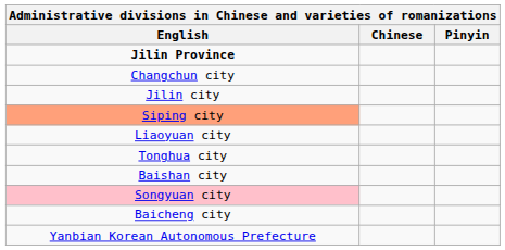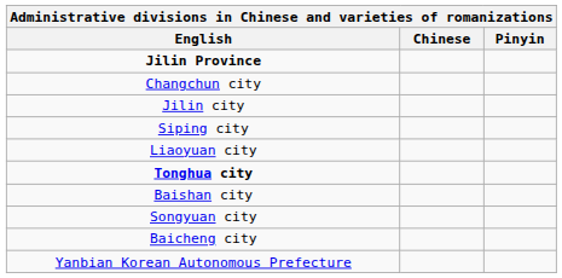 <table class="wikitable sortable collapsible collapsed" style="text-font:90%; width:auto; text-align:center; margin-left: auto; margin-right: auto;">
 <tr>
 <th colspan="5">Administrative divisions in Chinese and varieties of romanizations</th>
 </tr>
 <tr>
 <th>English</th>
 <th>Chinese</th>
 <th>Pinyin</th>
 </tr>
 <tr>
 <td><strong>Jilin Province</strong></td>
 <td></td>
 <td></td>
 </tr>
 <tr>
 <td><a href='#'>Changchun</a> city</td>
 <td></td>
 <td></td>
 </tr>
 <tr>
 <td><a href='#'>Jilin</a> city</td>
 <td></td>
 <td></td>
 </tr>
 <tr>
-<td style="background: lightsalmon;"><a href='#'>Siping</a> city</td>
+<td><a href='#'>Siping</a> city</td>
 <td></td>
 <td></td>
 </tr>
 <tr>
 <td><a href='#'>Liaoyuan</a> city</td>
 <td></td>
 <td></td>
 </tr>
 <tr>
-<td><a href='#'>Tonghua</a> city</td>
+<td><strong><a href='#'>Tonghua</a> city</strong></td>
 <td></td>
 <td></td>
 </tr>
 <tr>
 <td><a href='#'>Baishan</a> city</td>
 <td></td>
 <td></td>
 </tr>
 <tr>
-<td style="background: pink;"><a href='#'>Songyuan</a> city</td>
+<td><a href='#'>Songyuan</a> city</td>
 <td></td>
 <td></td>
 </tr>
 <tr>
 <td><a href='#'>Baicheng</a> city</td>
 <td></td>
 <td></td>
 </tr>
 <tr>
 <td><a href='#'>Yanbian Korean Autonomous Prefecture</a></td>
 <td></td>
 <td></td>
 </tr>
 </table>
